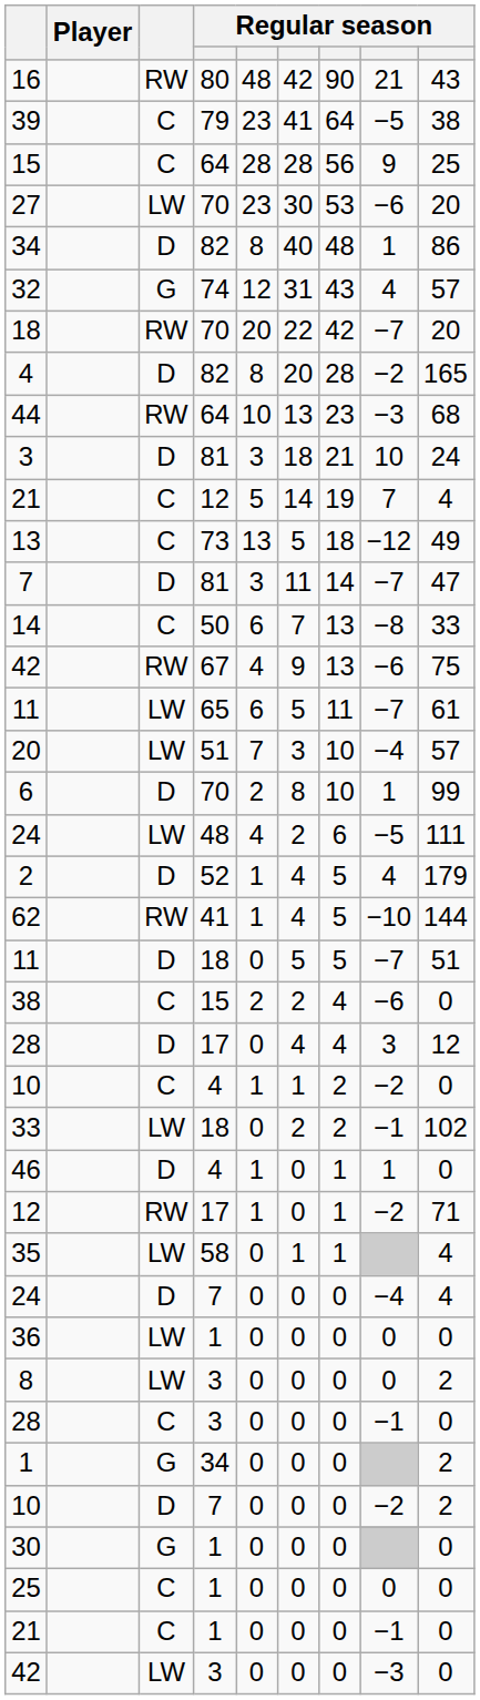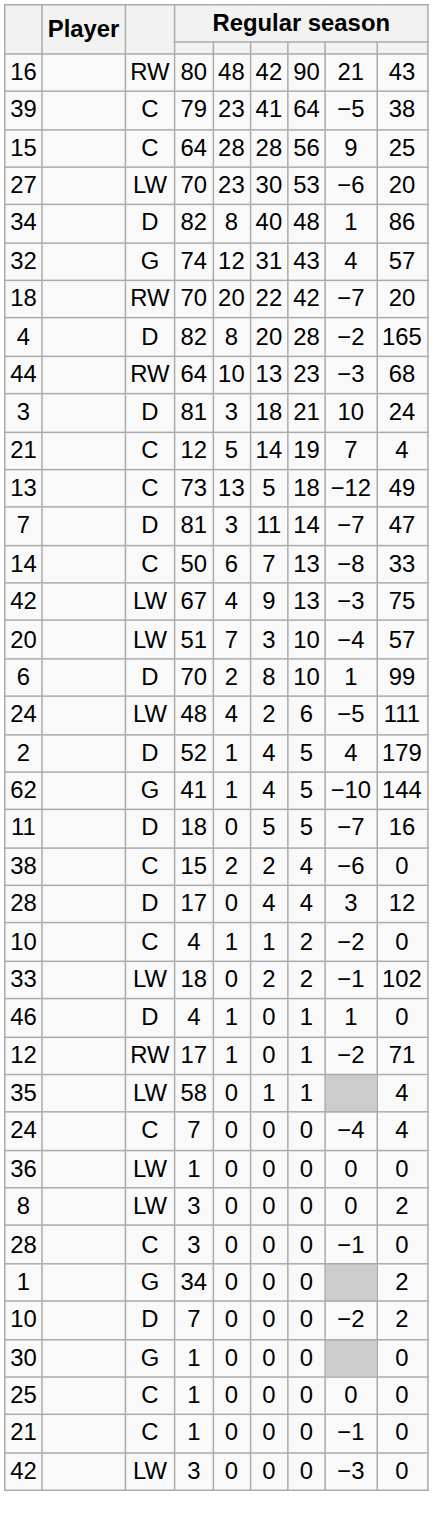 <table class="wikitable sortable plainrowheaders" style="text-align:center;">
 <tr>
 <th scope="col" data-sort-type="number" rowspan="2"></th>
 <th scope="col" rowspan="2">Player</th>
 <th scope="col" rowspan="2"></th>
 <th scope=colgroup colspan=6>Regular season</th>
 </tr>
 <tr>
 <th scope="col" data-sort-type="number"></th>
 <th scope="col" data-sort-type="number"></th>
 <th scope="col" data-sort-type="number"></th>
 <th scope="col" data-sort-type="number"></th>
 <th scope="col" data-sort-type="number"></th>
 <th scope="col" data-sort-type="number"></th>
 </tr>
 <tr>
 <td scope="row">16</td>
 <td align="left"></td>
 <td>RW</td>
 <td>80</td>
 <td>48</td>
 <td>42</td>
 <td>90</td>
 <td>21</td>
 <td>43</td>
 </tr>
 <tr>
 <td scope="row">39</td>
 <td align="left"></td>
 <td>C</td>
 <td>79</td>
 <td>23</td>
 <td>41</td>
 <td>64</td>
 <td>−5</td>
 <td>38</td>
 </tr>
 <tr>
 <td scope="row">15</td>
 <td align="left"></td>
 <td>C</td>
 <td>64</td>
 <td>28</td>
 <td>28</td>
 <td>56</td>
 <td>9</td>
 <td>25</td>
 </tr>
 <tr>
 <td scope="row">27</td>
 <td align="left"></td>
 <td>LW</td>
 <td>70</td>
 <td>23</td>
 <td>30</td>
 <td>53</td>
 <td>−6</td>
 <td>20</td>
 </tr>
 <tr>
 <td scope="row">34</td>
 <td align="left"></td>
 <td>D</td>
 <td>82</td>
 <td>8</td>
 <td>40</td>
 <td>48</td>
 <td>1</td>
 <td>86</td>
 </tr>
 <tr>
 <td scope="row">32</td>
 <td align="left"></td>
 <td>G</td>
 <td>74</td>
 <td>12</td>
 <td>31</td>
 <td>43</td>
 <td>4</td>
 <td>57</td>
 </tr>
 <tr>
 <td scope="row">18</td>
 <td align="left"></td>
 <td>RW</td>
 <td>70</td>
 <td>20</td>
 <td>22</td>
 <td>42</td>
 <td>−7</td>
 <td>20</td>
 </tr>
 <tr>
 <td scope="row">4</td>
 <td align="left"></td>
 <td>D</td>
 <td>82</td>
 <td>8</td>
 <td>20</td>
 <td>28</td>
 <td>−2</td>
 <td>165</td>
 </tr>
 <tr>
 <td scope="row">44</td>
 <td align="left"></td>
 <td>RW</td>
 <td>64</td>
 <td>10</td>
 <td>13</td>
 <td>23</td>
 <td>−3</td>
 <td>68</td>
 </tr>
 <tr>
 <td scope="row">3</td>
 <td align="left"></td>
 <td>D</td>
 <td>81</td>
 <td>3</td>
 <td>18</td>
 <td>21</td>
 <td>10</td>
 <td>24</td>
 </tr>
 <tr>
 <td scope="row">21</td>
 <td align="left"></td>
 <td>C</td>
 <td>12</td>
 <td>5</td>
 <td>14</td>
 <td>19</td>
 <td>7</td>
 <td>4</td>
 </tr>
 <tr>
 <td scope="row">13</td>
 <td align="left"></td>
 <td>C</td>
 <td>73</td>
 <td>13</td>
 <td>5</td>
 <td>18</td>
 <td>−12</td>
 <td>49</td>
 </tr>
 <tr>
 <td scope="row">7</td>
 <td align="left"></td>
 <td>D</td>
 <td>81</td>
 <td>3</td>
 <td>11</td>
 <td>14</td>
 <td>−7</td>
 <td>47</td>
 </tr>
 <tr>
 <td scope="row">14</td>
 <td align="left"></td>
 <td>C</td>
 <td>50</td>
 <td>6</td>
 <td>7</td>
 <td>13</td>
 <td>−8</td>
 <td>33</td>
 </tr>
 <tr>
 <td scope="row">42</td>
 <td align="left"></td>
-<td>RW</td>
+<td>LW</td>
 <td>67</td>
 <td>4</td>
 <td>9</td>
 <td>13</td>
-<td>−6</td>
+<td>−3</td>
 <td>75</td>
-</tr>
-<tr>
-<td scope="row">11</td>
-<td align="left"></td>
-<td>LW</td>
-<td>65</td>
-<td>6</td>
-<td>5</td>
-<td>11</td>
-<td>−7</td>
-<td>61</td>
 </tr>
 <tr>
 <td scope="row">20</td>
 <td align="left"></td>
 <td>LW</td>
 <td>51</td>
 <td>7</td>
 <td>3</td>
 <td>10</td>
 <td>−4</td>
 <td>57</td>
 </tr>
 <tr>
 <td scope="row">6</td>
 <td align="left"></td>
 <td>D</td>
 <td>70</td>
 <td>2</td>
 <td>8</td>
 <td>10</td>
 <td>1</td>
 <td>99</td>
 </tr>
 <tr>
 <td scope="row">24</td>
 <td align="left"></td>
 <td>LW</td>
 <td>48</td>
 <td>4</td>
 <td>2</td>
 <td>6</td>
 <td>−5</td>
 <td>111</td>
 </tr>
 <tr>
 <td scope="row">2</td>
 <td align="left"></td>
 <td>D</td>
 <td>52</td>
 <td>1</td>
 <td>4</td>
 <td>5</td>
 <td>4</td>
 <td>179</td>
 </tr>
 <tr>
 <td scope="row">62</td>
 <td align="left"></td>
-<td>RW</td>
+<td>G</td>
 <td>41</td>
 <td>1</td>
 <td>4</td>
 <td>5</td>
 <td>−10</td>
 <td>144</td>
 </tr>
 <tr>
 <td scope="row">11</td>
 <td align="left"></td>
 <td>D</td>
 <td>18</td>
 <td>0</td>
 <td>5</td>
 <td>5</td>
 <td>−7</td>
-<td>51</td>
+<td>16</td>
 </tr>
 <tr>
 <td scope="row">38</td>
 <td align="left"></td>
 <td>C</td>
 <td>15</td>
 <td>2</td>
 <td>2</td>
 <td>4</td>
 <td>−6</td>
 <td>0</td>
 </tr>
 <tr>
 <td scope="row">28</td>
 <td align="left"></td>
 <td>D</td>
 <td>17</td>
 <td>0</td>
 <td>4</td>
 <td>4</td>
 <td>3</td>
 <td>12</td>
 </tr>
 <tr>
 <td scope="row">10</td>
 <td align="left"></td>
 <td>C</td>
 <td>4</td>
 <td>1</td>
 <td>1</td>
 <td>2</td>
 <td>−2</td>
 <td>0</td>
 </tr>
 <tr>
 <td scope="row">33</td>
 <td align="left"></td>
 <td>LW</td>
 <td>18</td>
 <td>0</td>
 <td>2</td>
 <td>2</td>
 <td>−1</td>
 <td>102</td>
 </tr>
 <tr>
 <td scope="row">46</td>
 <td align="left"></td>
 <td>D</td>
 <td>4</td>
 <td>1</td>
 <td>0</td>
 <td>1</td>
 <td>1</td>
 <td>0</td>
 </tr>
 <tr>
 <td scope="row">12</td>
 <td align="left"></td>
 <td>RW</td>
 <td>17</td>
 <td>1</td>
 <td>0</td>
 <td>1</td>
 <td>−2</td>
 <td>71</td>
 </tr>
 <tr>
 <td scope="row">35</td>
 <td align="left"></td>
 <td>LW</td>
 <td>58</td>
 <td>0</td>
 <td>1</td>
 <td>1</td>
 <td style="background:#ccc"></td>
 <td>4</td>
 </tr>
 <tr>
 <td scope="row">24</td>
 <td align="left"></td>
-<td>D</td>
+<td>C</td>
 <td>7</td>
 <td>0</td>
 <td>0</td>
 <td>0</td>
 <td>−4</td>
 <td>4</td>
 </tr>
 <tr>
 <td scope="row">36</td>
 <td align="left"></td>
 <td>LW</td>
 <td>1</td>
 <td>0</td>
 <td>0</td>
 <td>0</td>
 <td>0</td>
 <td>0</td>
 </tr>
 <tr>
 <td scope="row">8</td>
 <td align="left"></td>
 <td>LW</td>
 <td>3</td>
 <td>0</td>
 <td>0</td>
 <td>0</td>
 <td>0</td>
 <td>2</td>
 </tr>
 <tr>
 <td scope="row">28</td>
 <td align="left"></td>
 <td>C</td>
 <td>3</td>
 <td>0</td>
 <td>0</td>
 <td>0</td>
 <td>−1</td>
 <td>0</td>
 </tr>
 <tr>
 <td scope="row">1</td>
 <td align="left"></td>
 <td>G</td>
 <td>34</td>
 <td>0</td>
 <td>0</td>
 <td>0</td>
 <td style="background:#ccc"></td>
 <td>2</td>
 </tr>
 <tr>
 <td scope="row">10</td>
 <td align="left"></td>
 <td>D</td>
 <td>7</td>
 <td>0</td>
 <td>0</td>
 <td>0</td>
 <td>−2</td>
 <td>2</td>
 </tr>
 <tr>
 <td scope="row">30</td>
 <td align="left"></td>
 <td>G</td>
 <td>1</td>
 <td>0</td>
 <td>0</td>
 <td>0</td>
 <td style="background:#ccc"></td>
 <td>0</td>
 </tr>
 <tr>
 <td scope="row">25</td>
 <td align="left"></td>
 <td>C</td>
 <td>1</td>
 <td>0</td>
 <td>0</td>
 <td>0</td>
 <td>0</td>
 <td>0</td>
 </tr>
 <tr>
 <td scope="row">21</td>
 <td align="left"></td>
 <td>C</td>
 <td>1</td>
 <td>0</td>
 <td>0</td>
 <td>0</td>
 <td>−1</td>
 <td>0</td>
 </tr>
 <tr>
 <td scope="row">42</td>
 <td align="left"></td>
 <td>LW</td>
 <td>3</td>
 <td>0</td>
 <td>0</td>
 <td>0</td>
 <td>−3</td>
 <td>0</td>
 </tr>
 </table>
